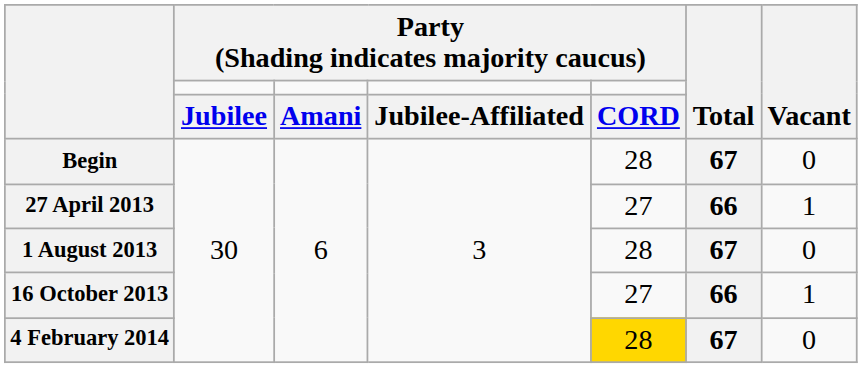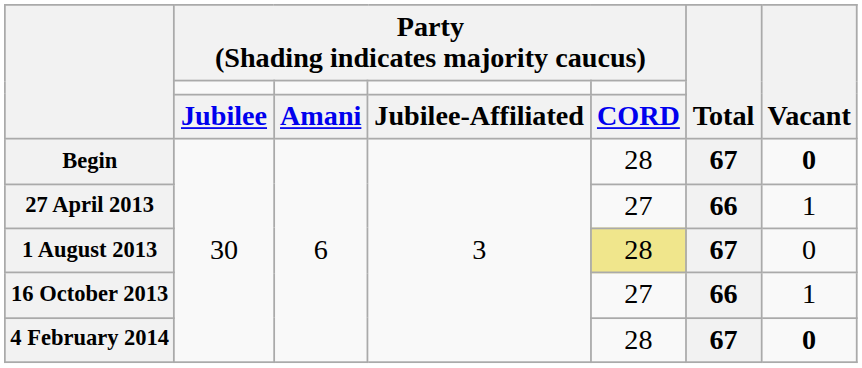 <table class=wikitable style="text-align:center">
 <tr valign=bottom>
 <th rowspan=3></th>
 <th colspan=4>Party <div>(Shading indicates majority caucus)</div></th>
 <th rowspan=3>Total</th>
 <th rowspan=3>Vacant</th>
 </tr>
 <tr style="height:5px">
 <td></td>
 <td></td>
 <td></td>
 <td></td>
 </tr>
 <tr>
 <th><a href='#'>Jubilee</a></th>
 <th><a href='#'>Amani</a></th>
 <th>Jubilee-Affiliated</th>
 <th><a href='#'>CORD</a></th>
 </tr>
 <tr>
 <th style="font-size:80%">Begin</th>
 <td rowspan="5" style="background:FFCOCB;">30</td>
 <td rowspan="5" style="background:FFCOCB;">6</td>
 <td rowspan="5" style="background:FFCOCB;">3</td>
 <td>28</td>
 <th>67</th>
-<td>0</td>
+<td><strong>0</strong></td>
 </tr>
 <tr>
 <th style="font-size:80%">27 April 2013 </th>
 <td>27</td>
 <th>66</th>
 <td>1</td>
 </tr>
 <tr>
 <th style="font-size:80%">1 August 2013 </th>
-<td>28</td>
+<td style="background: khaki;">28</td>
 <th>67</th>
 <td>0</td>
 </tr>
 <tr>
 <th style="font-size:80%">16 October 2013 </th>
 <td>27</td>
 <th>66</th>
 <td>1</td>
 </tr>
 <tr>
 <th style="font-size:80%">4 February 2014 </th>
-<td style="background: gold;">28</td>
+<td>28</td>
 <th>67</th>
-<td>0</td>
+<td><strong>0</strong></td>
 </tr>
 </table>
